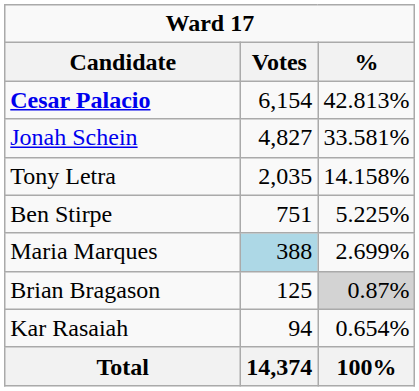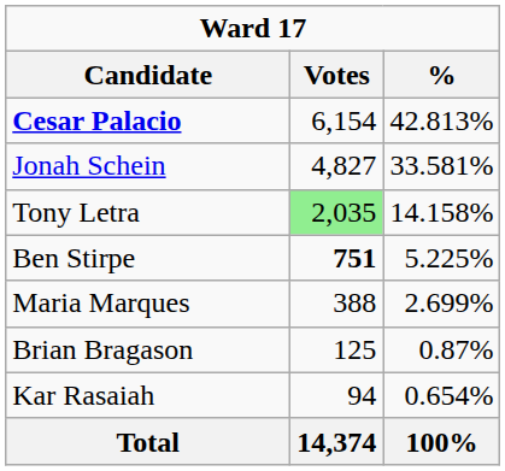 <table class="wikitable">
 <tr>
 <td Colspan="3" align="center"><strong>Ward 17</strong></td>
 </tr>
 <tr>
 <th bgcolor="#DDDDFF" width="150px">Candidate</th>
 <th bgcolor="#DDDDFF">Votes</th>
 <th bgcolor="#DDDDFF">%</th>
 </tr>
 <tr>
 <td><strong><a href='#'>Cesar Palacio</a></strong></td>
 <td align=right>6,154</td>
 <td align=right>42.813%</td>
 </tr>
 <tr>
 <td><a href='#'>Jonah Schein</a></td>
 <td align=right>4,827</td>
 <td align=right>33.581%</td>
 </tr>
 <tr>
 <td>Tony Letra</td>
-<td align=right>2,035</td>
+<td align=right style="background: lightgreen;">2,035</td>
 <td align=right>14.158%</td>
 </tr>
 <tr>
 <td>Ben Stirpe</td>
-<td align=right>751</td>
+<td align=right><strong>751</strong></td>
 <td align=right>5.225%</td>
 </tr>
 <tr>
 <td>Maria Marques</td>
-<td align=right style="background: lightblue;">388</td>
+<td align=right>388</td>
 <td align=right>2.699%</td>
 </tr>
 <tr>
 <td>Brian Bragason</td>
 <td align=right>125</td>
-<td align=right style="background: lightgrey;">0.87%</td>
+<td align=right>0.87%</td>
 </tr>
 <tr>
 <td>Kar Rasaiah</td>
 <td align=right>94</td>
 <td align=right>0.654%</td>
 </tr>
 <tr>
 <th>Total</th>
 <th align=right>14,374</th>
 <th align=right>100%</th>
 </tr>
 </table>
